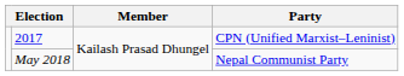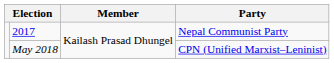 <table class="wikitable">
 <tr>
 <th colspan="2">Election</th>
 <th>Member</th>
 <th>Party</th>
 </tr>
 <tr>
 <td rowspan="2" style="background-color:"></td>
 <td><a href='#'>2017</a></td>
 <td rowspan = "2">Kailash Prasad Dhungel</td>
-<td><a href='#'>CPN (Unified Marxist–Leninist)</a></td>
+<td><a href='#'>Nepal Communist Party</a></td>
 </tr>
 <tr>
 <td><em>May 2018</em></td>
-<td><a href='#'>Nepal Communist Party</a></td>
+<td><a href='#'>CPN (Unified Marxist–Leninist)</a></td>
 </tr>
 </table>
